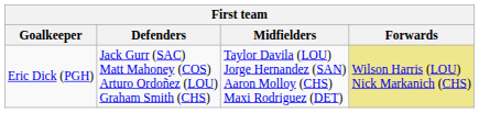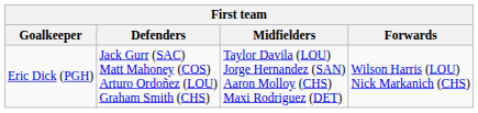 <table class="wikitable">
 <tr>
 <th colspan="4">First team</th>
 </tr>
 <tr>
 <th>Goalkeeper</th>
 <th>Defenders</th>
 <th>Midfielders</th>
 <th>Forwards</th>
 </tr>
 <tr>
 <td> <a href='#'>Eric Dick</a> (<a href='#'>PGH</a>)</td>
 <td> <a href='#'>Jack Gurr</a> (<a href='#'>SAC</a>)<br> <a href='#'>Matt Mahoney</a> (<a href='#'>COS</a>)<br> <a href='#'>Arturo Ordoñez</a> (<a href='#'>LOU</a>)<br> <a href='#'>Graham Smith</a> (<a href='#'>CHS</a>)</td>
 <td> <a href='#'>Taylor Davila</a> (<a href='#'>LOU</a>)<br> <a href='#'>Jorge Hernandez</a> (<a href='#'>SAN</a>)<br> <a href='#'>Aaron Molloy</a> (<a href='#'>CHS</a>)<br> <a href='#'>Maxi Rodriguez</a> (<a href='#'>DET</a>)</td>
-<td style="background: khaki;"> <a href='#'>Wilson Harris</a> (<a href='#'>LOU</a>)<br> <a href='#'>Nick Markanich</a> (<a href='#'>CHS</a>)</td>
+<td> <a href='#'>Wilson Harris</a> (<a href='#'>LOU</a>)<br> <a href='#'>Nick Markanich</a> (<a href='#'>CHS</a>)</td>
 </tr>
 </table>
